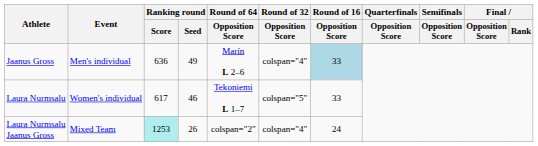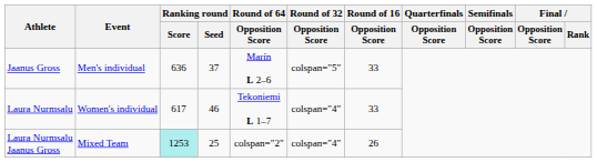 <table class="wikitable" style="font-size:90%">
 <tr>
 <th rowspan=2>Athlete</th>
 <th rowspan=2>Event</th>
 <th colspan=2>Ranking round</th>
 <th>Round of 64</th>
 <th>Round of 32</th>
 <th>Round of 16</th>
 <th>Quarterfinals</th>
 <th>Semifinals</th>
 <th colspan=2>Final / </th>
 </tr>
 <tr style="font-size:95%">
 <th>Score</th>
 <th>Seed</th>
 <th>Opposition<br>Score</th>
 <th>Opposition<br>Score</th>
 <th>Opposition<br>Score</th>
 <th>Opposition<br>Score</th>
 <th>Opposition<br>Score</th>
 <th>Opposition<br>Score</th>
 <th>Rank</th>
 </tr>
 <tr align=center>
 <td align=left><a href='#'>Jaanus Gross</a></td>
 <td align=left><a href='#'>Men's individual</a></td>
 <td>636</td>
-<td>49</td>
+<td>37</td>
 <td><a href='#'>Marín</a><br><br> <strong>L</strong> 2–6</td>
-<td>colspan="4" </td>
-<td style="background: lightblue;">33</td>
+<td>colspan="5" </td>
+<td>33</td>
 </tr>
 <tr align=center>
 <td align=left><a href='#'>Laura Nurmsalu</a></td>
 <td align=left><a href='#'>Women's individual</a></td>
 <td>617</td>
 <td>46</td>
 <td><a href='#'>Tekoniemi</a><br><br> <strong>L</strong> 1–7</td>
-<td>colspan="5" </td>
+<td>colspan="4" </td>
 <td>33</td>
 </tr>
 <tr align=center>
 <td align=left><a href='#'>Laura Nurmsalu</a><br><a href='#'>Jaanus Gross</a></td>
 <td align=left><a href='#'>Mixed Team</a></td>
 <td style="background: paleturquoise;">1253</td>
-<td>26</td>
+<td>25</td>
 <td>colspan="2" </td>
 <td>colspan="4" </td>
-<td>24</td>
+<td>26</td>
 </tr>
 </table>
